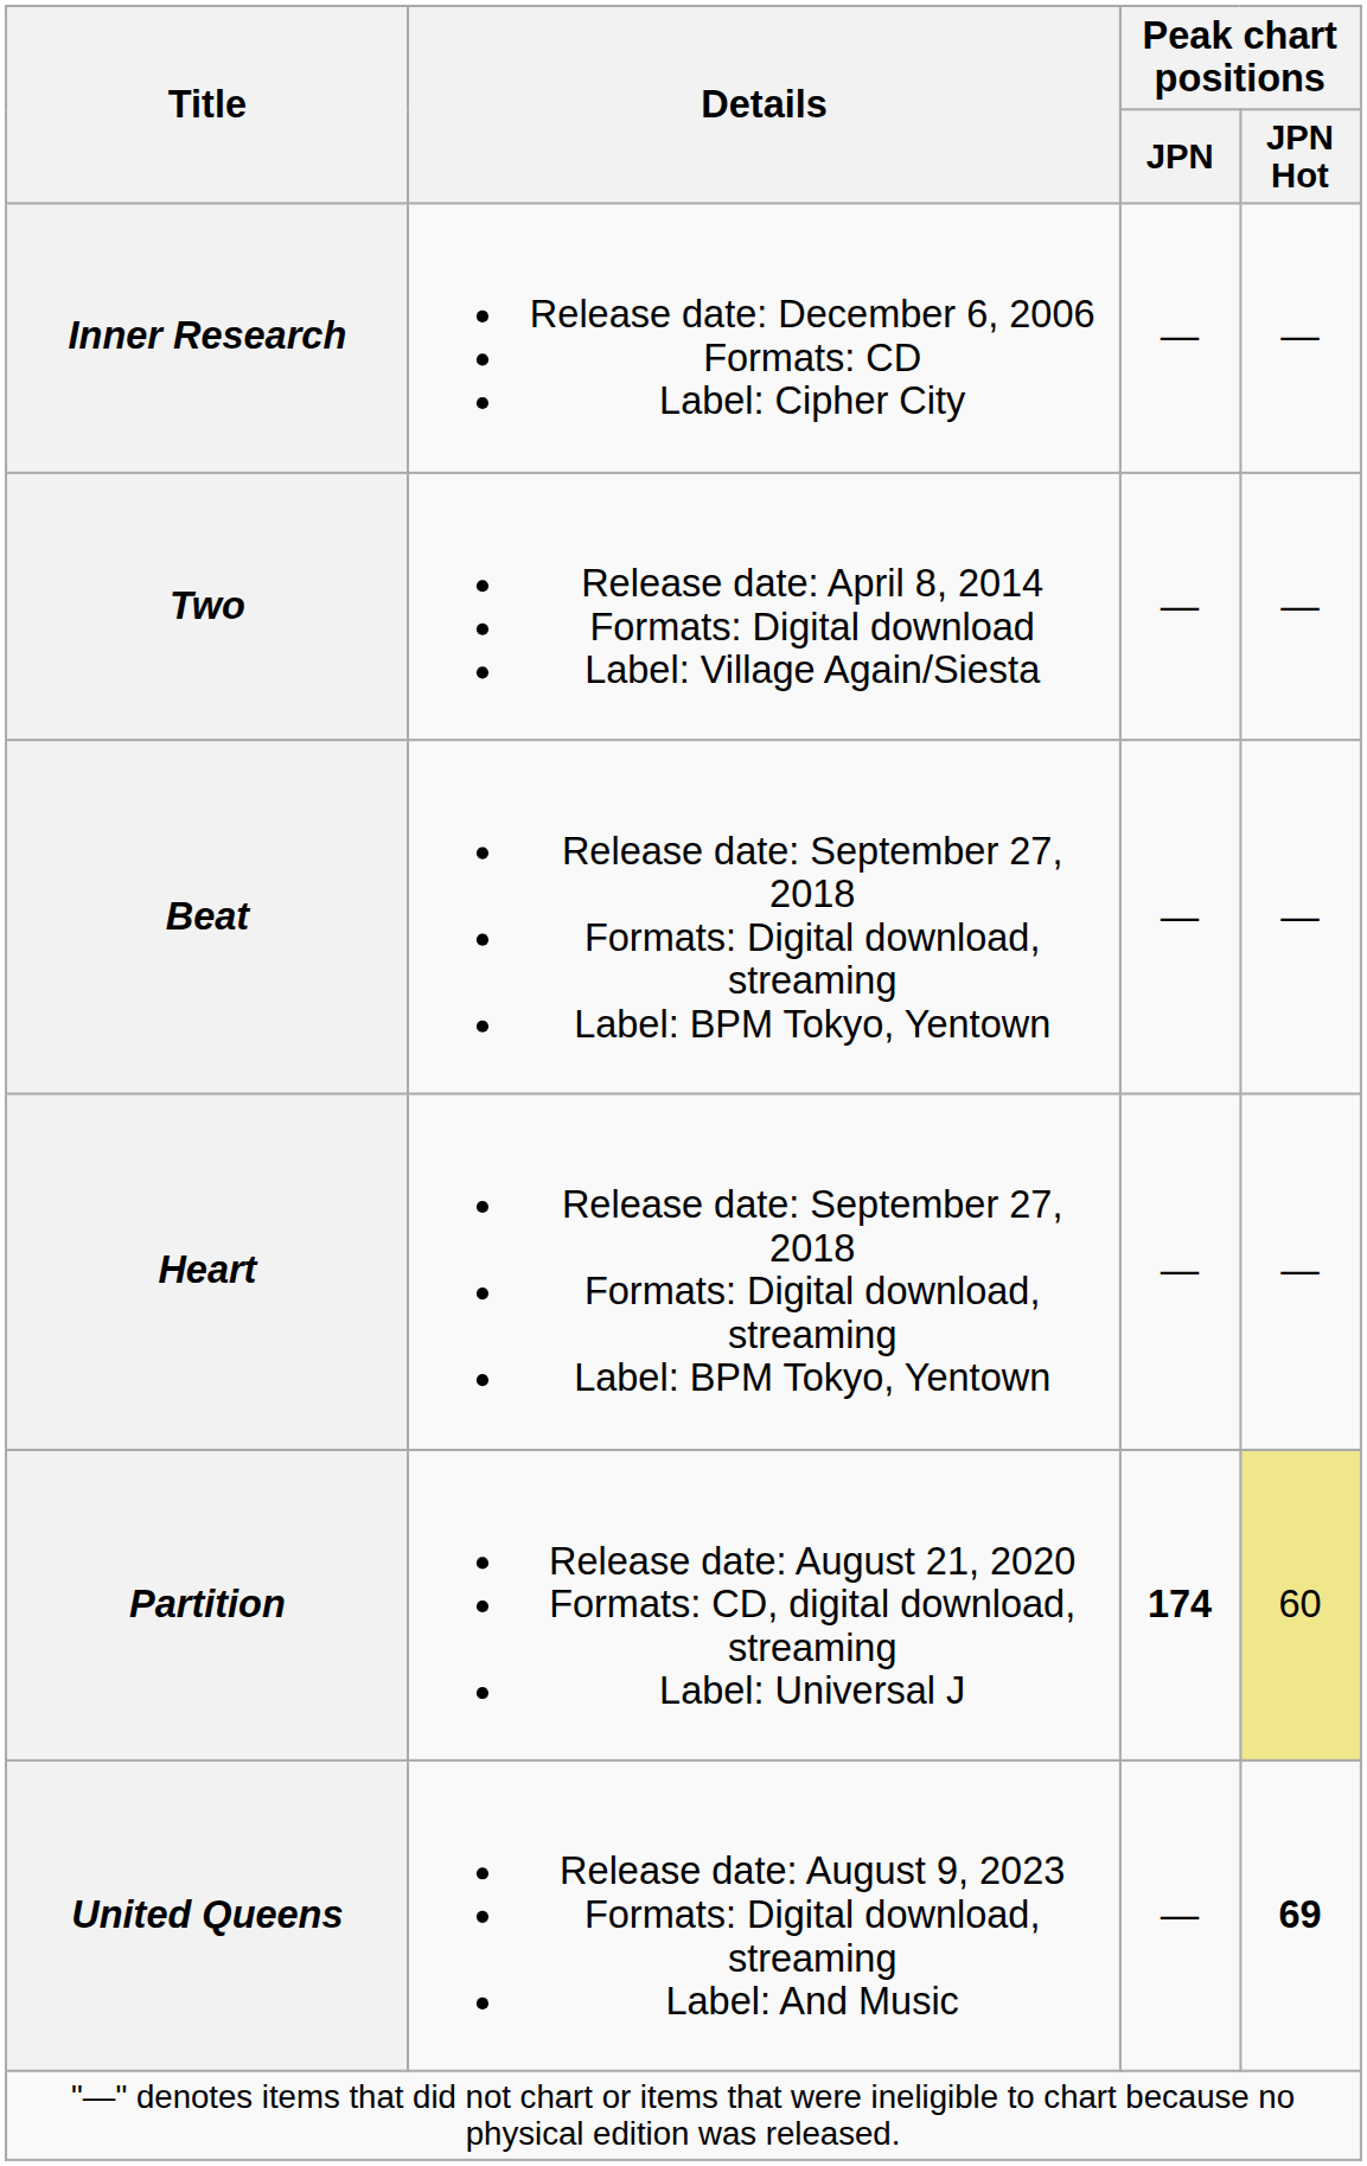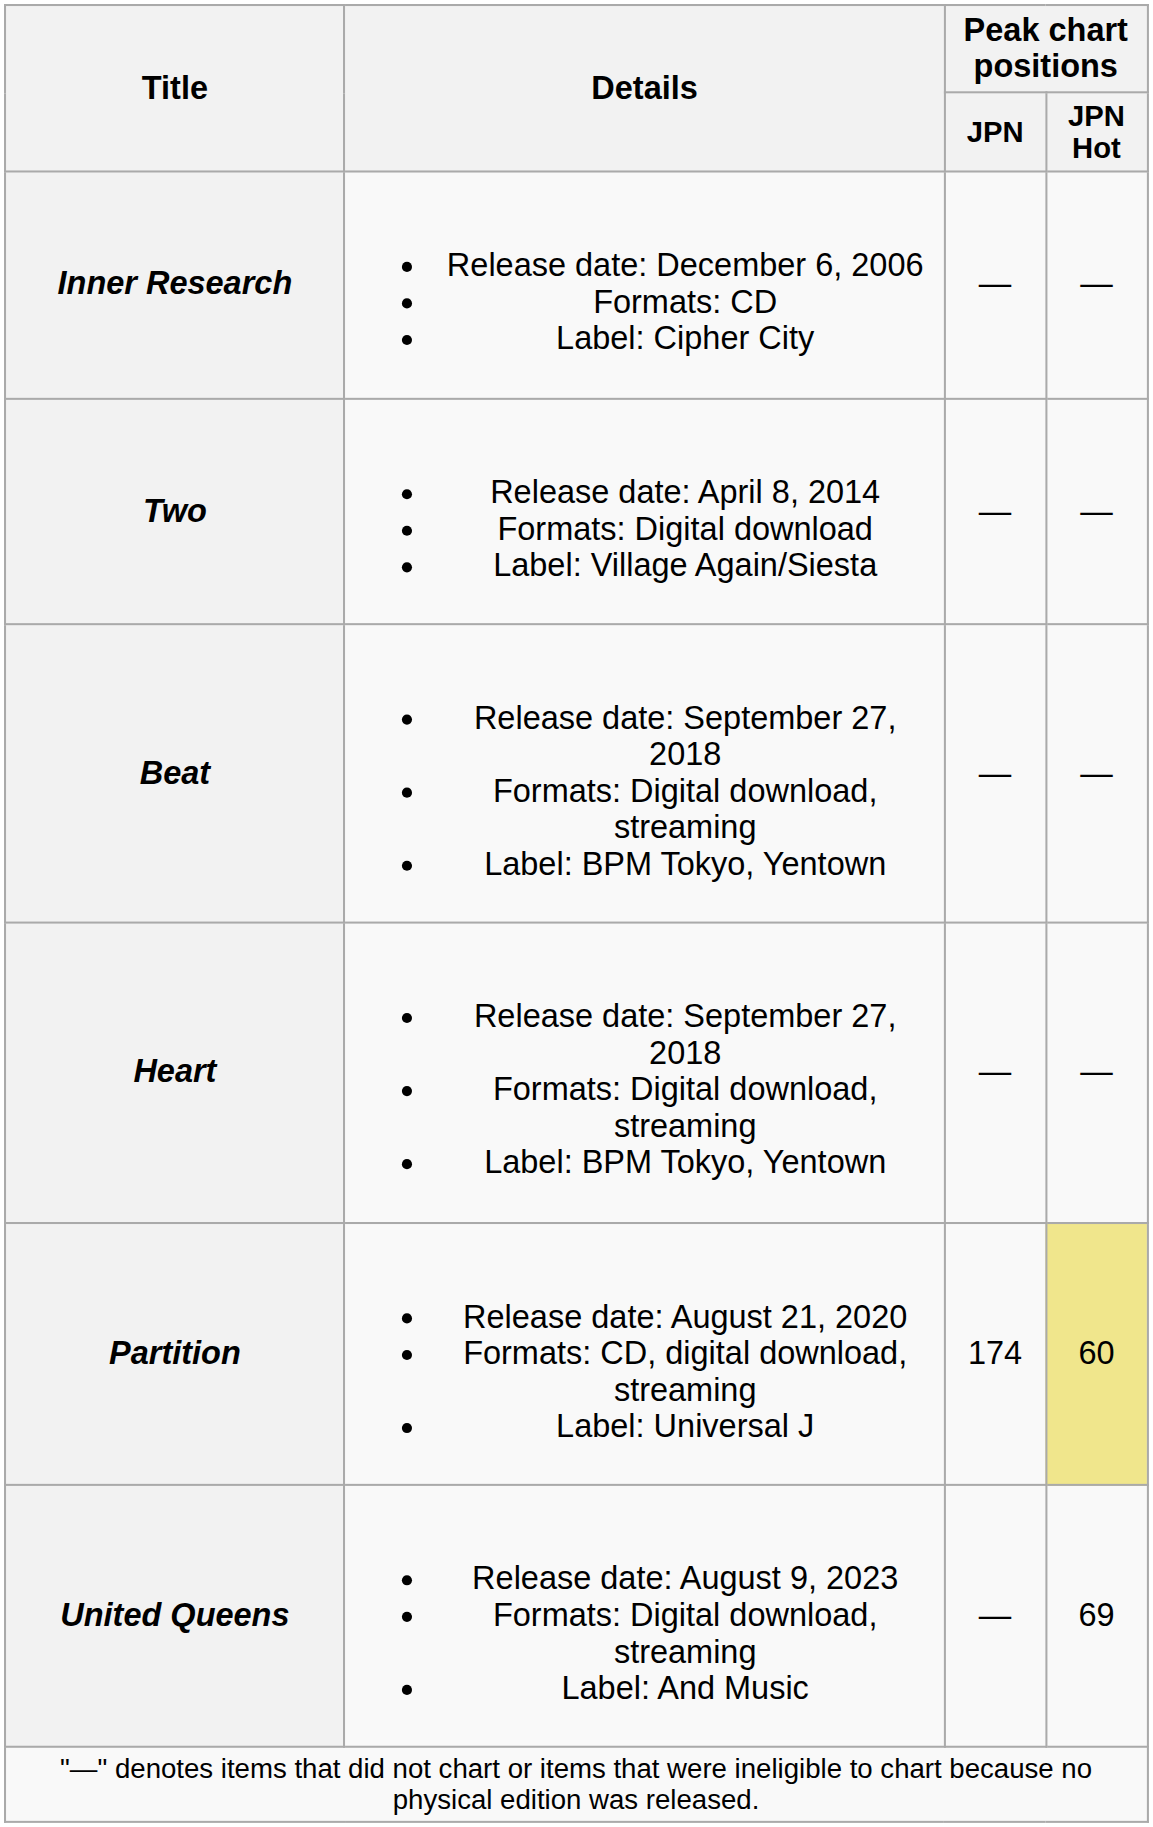 <table class="wikitable plainrowheaders" style="text-align:center;">
 <tr>
 <th rowspan="2" scope="col" style="width:10em;">Title</th>
 <th rowspan="2" scope="col" style="width:18em;">Details</th>
 <th colspan="6">Peak chart positions</th>
 </tr>
 <tr>
 <th scope="col" style="width:3em;font-size:90%;">JPN<br></th>
 <th scope="col" style="width:3em;font-size:90%;">JPN<br>Hot<br></th>
 </tr>
 <tr>
 <th scope="row"><em>Inner Research</em></th>
 <td><br><ul><li>Release date: December 6, 2006</li><li>Formats: CD</li><li>Label: Cipher City</li></ul></td>
 <td>—</td>
 <td>—</td>
 </tr>
 <tr>
 <th scope="row"><em>Two</em></th>
 <td><br><ul><li>Release date: April 8, 2014</li><li>Formats: Digital download</li><li>Label: Village Again/Siesta</li></ul></td>
 <td>—</td>
 <td>—</td>
 </tr>
 <tr>
 <th scope="row"><em>Beat</em></th>
 <td><br><ul><li>Release date: September 27, 2018</li><li>Formats: Digital download, streaming</li><li>Label: BPM Tokyo, Yentown</li></ul></td>
 <td>—</td>
 <td>—</td>
 </tr>
 <tr>
 <th scope="row"><em>Heart</em></th>
 <td><br><ul><li>Release date: September 27, 2018</li><li>Formats: Digital download, streaming</li><li>Label: BPM Tokyo, Yentown</li></ul></td>
 <td>—</td>
 <td>—</td>
 </tr>
 <tr>
 <th scope="row"><em>Partition</em></th>
 <td><br><ul><li>Release date: August 21, 2020</li><li>Formats: CD, digital download, streaming</li><li>Label: Universal J</li></ul></td>
-<td><strong>174</strong></td>
+<td>174</td>
 <td style="background: khaki;">60</td>
 </tr>
 <tr>
 <th scope="row"><em>United Queens</em></th>
 <td><br><ul><li>Release date: August 9, 2023</li><li>Formats: Digital download, streaming</li><li>Label: And Music</li></ul></td>
 <td>—</td>
-<td><strong>69</strong></td>
+<td>69</td>
 </tr>
 <tr>
 <td colspan="15" style="text-align:center; font-size:85%;">"—" denotes items that did not chart or items that were ineligible to chart because no physical edition was released.</td>
 </tr>
 </table>
